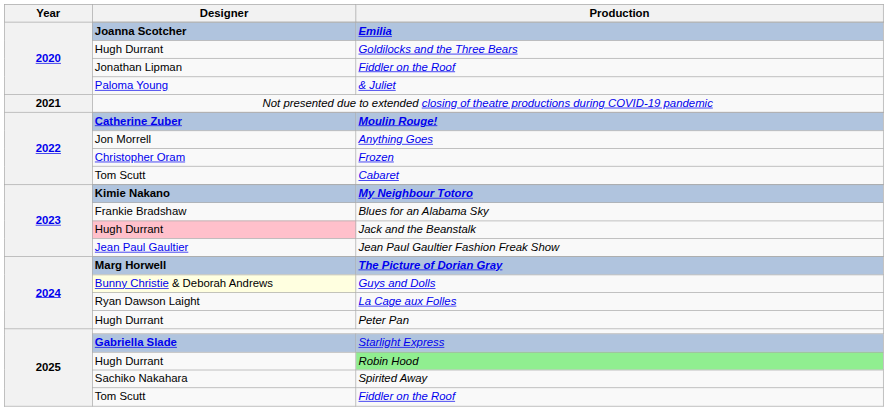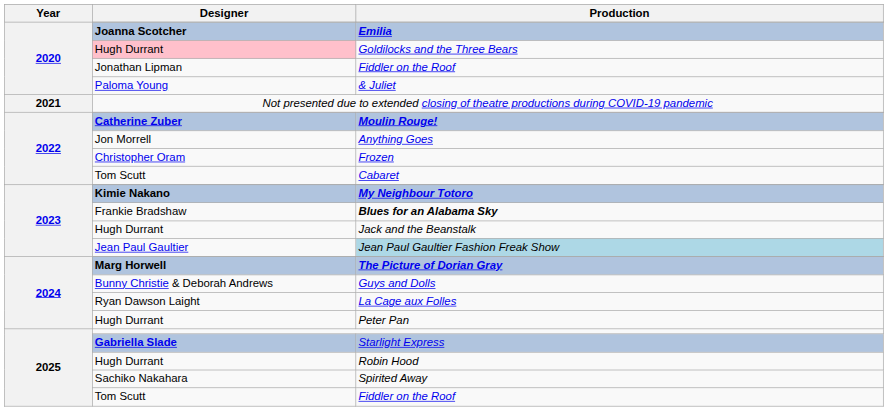 <table class="wikitable" style="width:98%;">
 <tr style="background:#bebebe;">
 <th style="width:10%;">Year</th>
 <th style="width:30%;">Designer</th>
 <th style="width:60%;">Production</th>
 </tr>
 <tr>
 <th rowspan="5" align="center"><a href='#'>2020</a></th>
 </tr>
 <tr style="background:#B0C4DE">
 <td><strong>Joanna Scotcher</strong></td>
 <td><em><a href='#'><strong>Emilia</strong></a></em></td>
 </tr>
 <tr>
-<td>Hugh Durrant</td>
+<td style="background: pink;">Hugh Durrant</td>
 <td><em><a href='#'>Goldilocks and the Three Bears</a></em></td>
 </tr>
 <tr>
 <td>Jonathan Lipman</td>
 <td><em><a href='#'>Fiddler on the Roof</a></em></td>
 </tr>
 <tr>
 <td><a href='#'>Paloma Young</a></td>
 <td><em><a href='#'>& Juliet</a></em></td>
 </tr>
 <tr>
 <th align="center">2021</th>
 <td colspan=2 align="center"><em>Not presented due to extended <a href='#'>closing of theatre productions during COVID-19 pandemic</a></em></td>
 </tr>
 <tr>
 <th rowspan="5"><a href='#'>2022</a></th>
 </tr>
 <tr style="background:#B0C4DE">
 <td><strong><a href='#'>Catherine Zuber</a></strong></td>
 <td><strong><em><a href='#'>Moulin Rouge!</a></em></strong></td>
 </tr>
 <tr>
 <td>Jon Morrell</td>
 <td><em><a href='#'>Anything Goes</a></em></td>
 </tr>
 <tr>
 <td><a href='#'>Christopher Oram</a></td>
 <td><em><a href='#'>Frozen</a></em></td>
 </tr>
 <tr>
 <td>Tom Scutt</td>
 <td><em><a href='#'>Cabaret</a></em></td>
 </tr>
 <tr>
 <th rowspan="5"><a href='#'>2023</a></th>
 </tr>
 <tr style="background:#B0C4DE">
 <td><strong>Kimie Nakano</strong></td>
 <td><strong><em><a href='#'>My Neighbour Totoro</a></em></strong></td>
 </tr>
 <tr>
 <td>Frankie Bradshaw</td>
-<td><em>Blues for an Alabama Sky</em></td>
+<td><strong><em>Blues for an Alabama Sky</em></strong></td>
 </tr>
 <tr>
-<td style="background: pink;">Hugh Durrant</td>
+<td>Hugh Durrant</td>
 <td><em>Jack and the Beanstalk</em></td>
 </tr>
 <tr>
 <td><a href='#'>Jean Paul Gaultier</a></td>
-<td><em>Jean Paul Gaultier Fashion Freak Show</em></td>
+<td style="background: lightblue;"><em>Jean Paul Gaultier Fashion Freak Show</em></td>
 </tr>
 <tr>
 <th rowspan="5"><a href='#'>2024</a></th>
 </tr>
 <tr style="background:#B0C4DE">
 <td><strong>Marg Horwell</strong></td>
 <td><strong><em><a href='#'>The Picture of Dorian Gray</a></em></strong></td>
 </tr>
 <tr>
-<td style="background: lightyellow;"><a href='#'>Bunny Christie</a> & Deborah Andrews</td>
+<td><a href='#'>Bunny Christie</a> & Deborah Andrews</td>
 <td><em><a href='#'>Guys and Dolls</a></em></td>
 </tr>
 <tr>
 <td>Ryan Dawson Laight</td>
 <td><em><a href='#'>La Cage aux Folles</a></em></td>
 </tr>
 <tr>
 <td>Hugh Durrant</td>
 <td><em>Peter Pan</em></td>
 </tr>
 <tr>
 <th rowspan="5">2025</th>
 <td colspan="2"></td>
 </tr>
 <tr style="background:#B0C4DE">
 <td><strong><a href='#'>Gabriella Slade</a></strong></td>
 <td><a href='#'><em>Starlight Express</em></a></td>
 </tr>
 <tr>
 <td>Hugh Durrant</td>
-<td style="background: lightgreen;"><em>Robin Hood</em></td>
+<td><em>Robin Hood</em></td>
 </tr>
 <tr>
 <td>Sachiko Nakahara</td>
 <td><em>Spirited Away</em></td>
 </tr>
 <tr>
 <td>Tom Scutt</td>
 <td><em><a href='#'>Fiddler on the Roof</a></em></td>
 </tr>
 </table>
